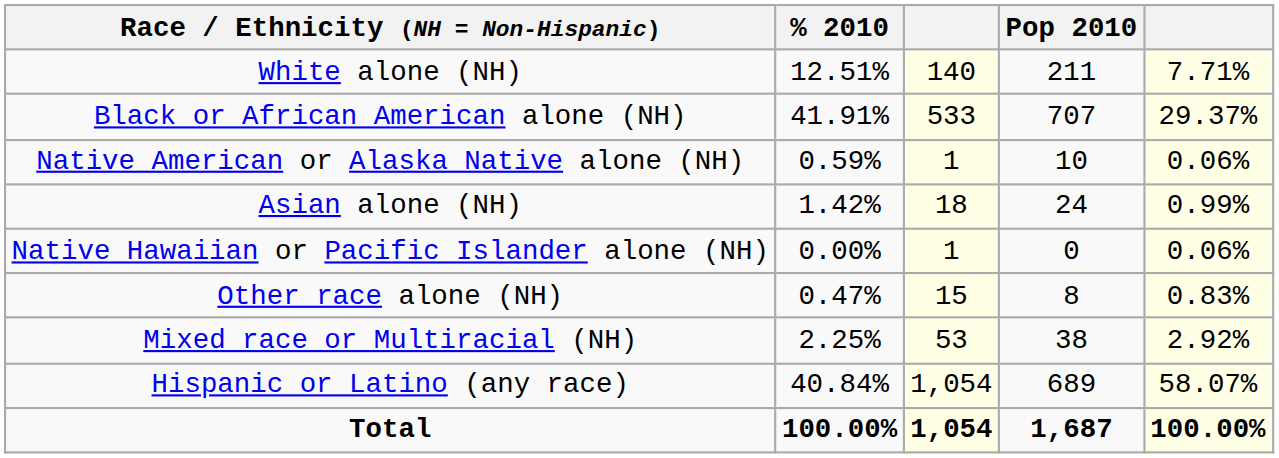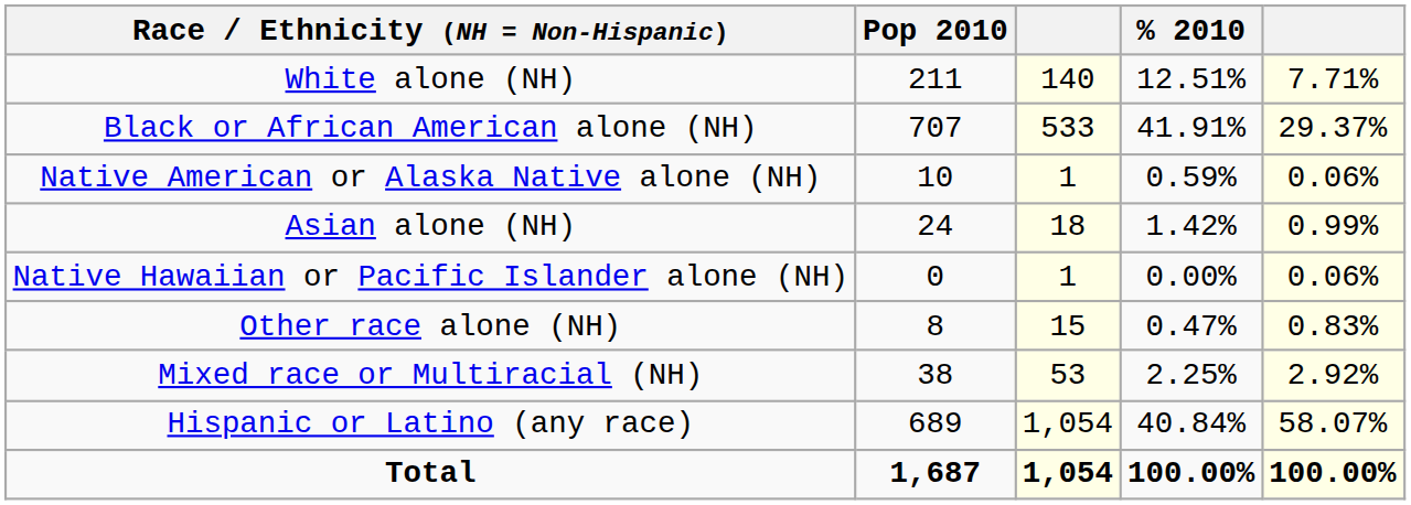 <table class="wikitable" style="text-align:center;">
 <tr>
 <th>Race / Ethnicity <small>(<em>NH = Non-Hispanic</em>)</small></th>
+<th>Pop 2010</th>
+<th></th>
 <th>% 2010</th>
-<th></th>
-<th>Pop 2010</th>
 <th></th>
 </tr>
 <tr>
 <td><a href='#'>White</a> alone (NH)</td>
+<td>211</td>
+<td style='background: #ffffe6;'>140</td>
 <td>12.51%</td>
-<td style='background: #ffffe6;'>140</td>
-<td>211</td>
 <td style='background: #ffffe6;'>7.71%</td>
 </tr>
 <tr>
 <td><a href='#'>Black or African American</a> alone (NH)</td>
+<td>707</td>
+<td style='background: #ffffe6;'>533</td>
 <td>41.91%</td>
-<td style='background: #ffffe6;'>533</td>
-<td>707</td>
 <td style='background: #ffffe6;'>29.37%</td>
 </tr>
 <tr>
 <td><a href='#'>Native American</a> or <a href='#'>Alaska Native</a> alone (NH)</td>
+<td>10</td>
+<td style='background: #ffffe6;'>1</td>
 <td>0.59%</td>
-<td style='background: #ffffe6;'>1</td>
-<td>10</td>
 <td style='background: #ffffe6;'>0.06%</td>
 </tr>
 <tr>
 <td><a href='#'>Asian</a> alone (NH)</td>
+<td>24</td>
+<td style='background: #ffffe6;'>18</td>
 <td>1.42%</td>
-<td style='background: #ffffe6;'>18</td>
-<td>24</td>
 <td style='background: #ffffe6;'>0.99%</td>
 </tr>
 <tr>
 <td><a href='#'>Native Hawaiian</a> or <a href='#'>Pacific Islander</a> alone (NH)</td>
+<td>0</td>
+<td style='background: #ffffe6;'>1</td>
 <td>0.00%</td>
-<td style='background: #ffffe6;'>1</td>
-<td>0</td>
 <td style='background: #ffffe6;'>0.06%</td>
 </tr>
 <tr>
 <td><a href='#'>Other race</a> alone (NH)</td>
+<td>8</td>
+<td style='background: #ffffe6;'>15</td>
 <td>0.47%</td>
-<td style='background: #ffffe6;'>15</td>
-<td>8</td>
 <td style='background: #ffffe6;'>0.83%</td>
 </tr>
 <tr>
 <td><a href='#'>Mixed race or Multiracial</a> (NH)</td>
+<td>38</td>
+<td style='background: #ffffe6;'>53</td>
 <td>2.25%</td>
-<td style='background: #ffffe6;'>53</td>
-<td>38</td>
 <td style='background: #ffffe6;'>2.92%</td>
 </tr>
 <tr>
 <td><a href='#'>Hispanic or Latino</a> (any race)</td>
+<td>689</td>
+<td style='background: #ffffe6;'>1,054</td>
 <td>40.84%</td>
-<td style='background: #ffffe6;'>1,054</td>
-<td>689</td>
 <td style='background: #ffffe6;'>58.07%</td>
 </tr>
 <tr>
 <td><strong>Total</strong></td>
+<td><strong>1,687</strong></td>
+<td style='background: #ffffe6;'><strong>1,054</strong></td>
 <td><strong>100.00%</strong></td>
-<td style='background: #ffffe6;'><strong>1,054</strong></td>
-<td><strong>1,687</strong></td>
 <td style='background: #ffffe6;'><strong>100.00%</strong></td>
 </tr>
 </table>
